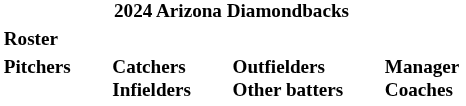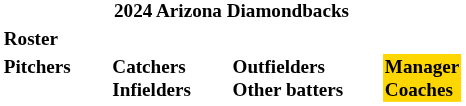 <table class="toccolours" style="font-size: 95%;">
 <tr>
 <th colspan="10">2024 Arizona Diamondbacks</th>
 </tr>
 <tr>
 <td colspan="10"><strong>Roster</strong></td>
 </tr>
 <tr>
 <td valign="top"><strong>Pitchers</strong><br>                                               </td>
 <td width="25px"></td>
 <td valign="top"><strong>Catchers</strong><br>       <strong>Infielders</strong>           </td>
 <td width="25px"></td>
 <td valign="top"><strong>Outfielders</strong><br>                <strong>Other batters</strong> </td>
 <td width="25px"></td>
-<td valign="top"><strong>Manager</strong><br> <strong>Coaches</strong>                        </td>
+<td valign="top" style="background: gold;"><strong>Manager</strong><br> <strong>Coaches</strong>                        </td>
 </tr>
 <tr>
 </tr>
 </table>
